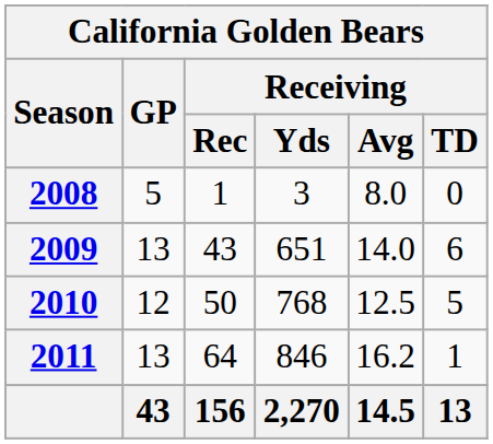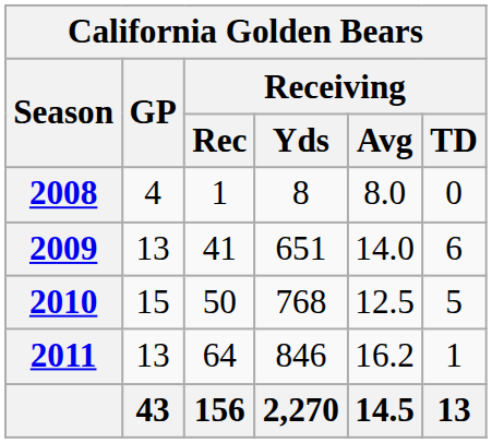 <table class="wikitable" style="text-align:center;">
 <tr>
 <th colspan="15">California Golden Bears</th>
 </tr>
 <tr>
 <th rowspan="2">Season</th>
 <th rowspan="2">GP</th>
 <th colspan="4">Receiving</th>
 </tr>
 <tr>
 <th>Rec</th>
 <th>Yds</th>
 <th>Avg</th>
 <th>TD</th>
 </tr>
 <tr>
 <th><a href='#'>2008</a></th>
-<td>5</td>
+<td>4</td>
 <td>1</td>
-<td>3</td>
+<td>8</td>
 <td>8.0</td>
 <td>0</td>
 </tr>
 <tr>
 <th><a href='#'>2009</a></th>
 <td>13</td>
-<td>43</td>
+<td>41</td>
 <td>651</td>
 <td>14.0</td>
 <td>6</td>
 </tr>
 <tr>
 <th><a href='#'>2010</a></th>
-<td>12</td>
+<td>15</td>
 <td>50</td>
 <td>768</td>
 <td>12.5</td>
 <td>5</td>
 </tr>
 <tr>
 <th><a href='#'>2011</a></th>
 <td>13</td>
 <td>64</td>
 <td>846</td>
 <td>16.2</td>
 <td>1</td>
 </tr>
 <tr>
 <th></th>
 <th>43</th>
 <th>156</th>
 <th>2,270</th>
 <th>14.5</th>
 <th>13</th>
 </tr>
 </table>
